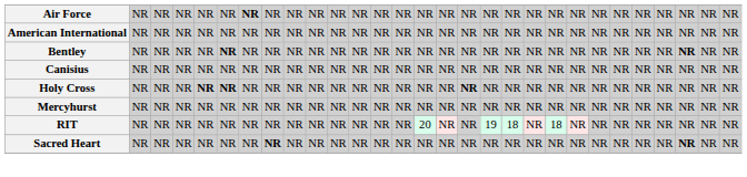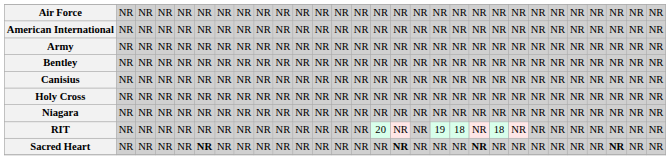 <table class="wikitable sortable" style="text-align: center;">
 <tr>
 </tr>
 <tr bgcolor=d0d0d0>
 <th>Air Force</th>
 <td>NR</td>
 <td>NR</td>
 <td>NR</td>
 <td>NR</td>
 <td>NR</td>
-<td><strong>NR</strong></td>
+<td>NR</td>
 <td>NR</td>
 <td>NR</td>
 <td>NR</td>
 <td>NR</td>
 <td>NR</td>
 <td>NR</td>
 <td>NR</td>
 <td>NR</td>
 <td>NR</td>
 <td>NR</td>
 <td>NR</td>
 <td>NR</td>
 <td>NR</td>
 <td>NR</td>
 <td>NR</td>
 <td>NR</td>
 <td>NR</td>
 <td>NR</td>
 <td>NR</td>
 <td>NR</td>
 <td>NR</td>
 <td>NR</td>
 </tr>
 <tr bgcolor=d0d0d0>
 <th>American International</th>
 <td>NR</td>
 <td>NR</td>
 <td>NR</td>
 <td>NR</td>
 <td>NR</td>
 <td>NR</td>
 <td>NR</td>
 <td>NR</td>
 <td>NR</td>
 <td>NR</td>
 <td>NR</td>
 <td>NR</td>
 <td>NR</td>
 <td>NR</td>
 <td>NR</td>
 <td>NR</td>
 <td>NR</td>
 <td>NR</td>
 <td>NR</td>
 <td>NR</td>
 <td>NR</td>
 <td>NR</td>
 <td>NR</td>
 <td>NR</td>
 <td>NR</td>
 <td>NR</td>
 <td>NR</td>
 <td>NR</td>
 </tr>
 <tr bgcolor=d0d0d0>
-<th>Bentley</th>
-<td>NR</td>
-<td>NR</td>
-<td>NR</td>
-<td>NR</td>
-<td><strong>NR</strong></td>
+<th>Army</th>
 <td>NR</td>
 <td>NR</td>
 <td>NR</td>
 <td>NR</td>
 <td>NR</td>
 <td>NR</td>
 <td>NR</td>
 <td>NR</td>
 <td>NR</td>
 <td>NR</td>
 <td>NR</td>
 <td>NR</td>
 <td>NR</td>
 <td>NR</td>
 <td>NR</td>
 <td>NR</td>
 <td>NR</td>
 <td>NR</td>
 <td>NR</td>
 <td>NR</td>
-<td><strong>NR</strong></td>
+<td>NR</td>
+<td>NR</td>
+<td>NR</td>
+<td>NR</td>
+<td>NR</td>
+<td>NR</td>
+<td>NR</td>
+<td>NR</td>
+</tr>
+<tr bgcolor=d0d0d0>
+<th>Bentley</th>
+<td>NR</td>
+<td>NR</td>
+<td>NR</td>
+<td>NR</td>
+<td>NR</td>
+<td>NR</td>
+<td>NR</td>
+<td>NR</td>
+<td>NR</td>
+<td>NR</td>
+<td>NR</td>
+<td>NR</td>
+<td>NR</td>
+<td>NR</td>
+<td>NR</td>
+<td>NR</td>
+<td>NR</td>
+<td>NR</td>
+<td>NR</td>
+<td>NR</td>
+<td>NR</td>
+<td>NR</td>
+<td>NR</td>
+<td>NR</td>
+<td>NR</td>
+<td>NR</td>
 <td>NR</td>
 <td>NR</td>
 </tr>
 <tr bgcolor=d0d0d0>
 <th>Canisius</th>
 <td>NR</td>
 <td>NR</td>
 <td>NR</td>
 <td>NR</td>
 <td>NR</td>
 <td>NR</td>
 <td>NR</td>
 <td>NR</td>
 <td>NR</td>
 <td>NR</td>
 <td>NR</td>
 <td>NR</td>
 <td>NR</td>
 <td>NR</td>
 <td>NR</td>
 <td>NR</td>
 <td>NR</td>
 <td>NR</td>
 <td>NR</td>
 <td>NR</td>
 <td>NR</td>
 <td>NR</td>
 <td>NR</td>
 <td>NR</td>
 <td>NR</td>
 <td>NR</td>
 <td>NR</td>
 <td>NR</td>
 </tr>
 <tr bgcolor=d0d0d0>
 <th>Holy Cross</th>
 <td>NR</td>
 <td>NR</td>
 <td>NR</td>
-<td><strong>NR</strong></td>
-<td><strong>NR</strong></td>
 <td>NR</td>
 <td>NR</td>
 <td>NR</td>
 <td>NR</td>
 <td>NR</td>
 <td>NR</td>
 <td>NR</td>
 <td>NR</td>
 <td>NR</td>
 <td>NR</td>
-<td><strong>NR</strong></td>
+<td>NR</td>
+<td>NR</td>
+<td>NR</td>
 <td>NR</td>
 <td>NR</td>
 <td>NR</td>
 <td>NR</td>
 <td>NR</td>
 <td>NR</td>
 <td>NR</td>
 <td>NR</td>
 <td>NR</td>
 <td>NR</td>
 <td>NR</td>
 <td>NR</td>
 </tr>
 <tr bgcolor=d0d0d0>
-<th>Mercyhurst</th>
+<th>Niagara</th>
 <td>NR</td>
 <td>NR</td>
 <td>NR</td>
 <td>NR</td>
 <td>NR</td>
 <td>NR</td>
 <td>NR</td>
 <td>NR</td>
 <td>NR</td>
 <td>NR</td>
 <td>NR</td>
 <td>NR</td>
 <td>NR</td>
 <td>NR</td>
 <td>NR</td>
 <td>NR</td>
 <td>NR</td>
 <td>NR</td>
 <td>NR</td>
 <td>NR</td>
 <td>NR</td>
 <td>NR</td>
 <td>NR</td>
 <td>NR</td>
 <td>NR</td>
 <td>NR</td>
 <td>NR</td>
 <td>NR</td>
 </tr>
 <tr bgcolor=d0d0d0>
 <th>RIT</th>
 <td>NR</td>
 <td>NR</td>
 <td>NR</td>
 <td>NR</td>
 <td>NR</td>
 <td>NR</td>
 <td>NR</td>
 <td>NR</td>
 <td>NR</td>
 <td>NR</td>
 <td>NR</td>
 <td>NR</td>
 <td>NR</td>
 <td bgcolor=D8FFEB>20</td>
 <td bgcolor=FFE6E6>NR</td>
 <td>NR</td>
 <td bgcolor=D8FFEB>19</td>
 <td bgcolor=D8FFEB>18</td>
 <td bgcolor=FFE6E6>NR</td>
 <td bgcolor=D8FFEB>18</td>
 <td bgcolor=FFE6E6>NR</td>
 <td>NR</td>
 <td>NR</td>
 <td>NR</td>
 <td>NR</td>
 <td>NR</td>
 <td>NR</td>
 <td>NR</td>
 </tr>
 <tr bgcolor=d0d0d0>
 <th>Sacred Heart</th>
 <td>NR</td>
 <td>NR</td>
 <td>NR</td>
 <td>NR</td>
-<td>NR</td>
-<td>NR</td>
 <td><strong>NR</strong></td>
 <td>NR</td>
 <td>NR</td>
 <td>NR</td>
 <td>NR</td>
 <td>NR</td>
 <td>NR</td>
 <td>NR</td>
 <td>NR</td>
 <td>NR</td>
+<td><strong>NR</strong></td>
 <td>NR</td>
 <td>NR</td>
 <td>NR</td>
+<td><strong>NR</strong></td>
 <td>NR</td>
 <td>NR</td>
 <td>NR</td>
 <td>NR</td>
 <td>NR</td>
 <td>NR</td>
 <td><strong>NR</strong></td>
 <td>NR</td>
 <td>NR</td>
 </tr>
 <tr>
 </tr>
 </table>
